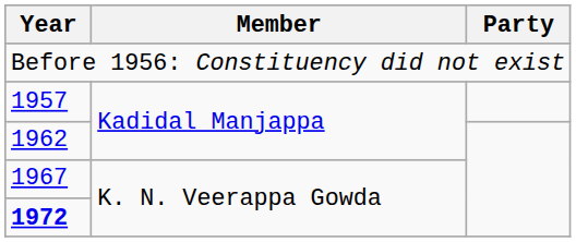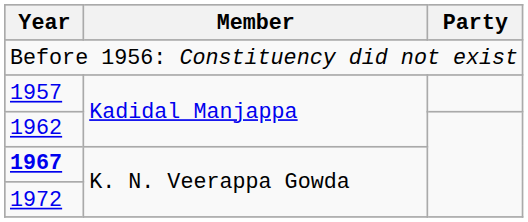 <table class="wikitable sortable">
 <tr>
 <th>Year</th>
 <th>Member</th>
 <th colspan=2>Party</th>
 </tr>
 <tr>
 <td colspan=4>Before 1956: <em>Constituency did not exist</em></td>
 </tr>
 <tr>
 <td><a href='#'>1957</a></td>
 <td rowspan="2"><a href='#'>Kadidal Manjappa</a></td>
 <td></td>
 </tr>
 <tr>
 <td><a href='#'>1962</a></td>
 </tr>
 <tr>
-<td><a href='#'>1967</a></td>
+<td><strong><a href='#'>1967</a></strong></td>
 <td rowspan="2">K. N. Veerappa Gowda</td>
 </tr>
 <tr>
-<td><strong><a href='#'>1972</a></strong></td>
+<td><a href='#'>1972</a></td>
 </tr>
 </table>
